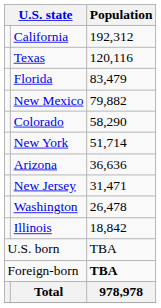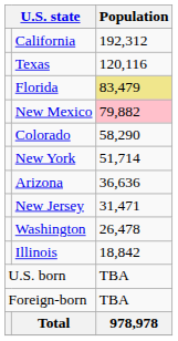 <table class="wikitable sortable" style="text-align:left">
 <tr>
 <th colspan="2"><a href='#'>U.S. state</a></th>
 <th>Population</th>
 </tr>
 <tr>
 <td style="text-align:center;"></td>
 <td><a href='#'>California</a></td>
 <td>192,312</td>
 </tr>
 <tr>
 <td style="text-align:center;"></td>
 <td><a href='#'>Texas</a></td>
 <td>120,116</td>
 </tr>
 <tr>
 <td style="text-align:center;"></td>
 <td><a href='#'>Florida</a></td>
-<td>83,479</td>
+<td style="background: khaki;">83,479</td>
 </tr>
 <tr>
 <td style="text-align:center;"></td>
 <td><a href='#'>New Mexico</a></td>
-<td>79,882</td>
+<td style="background: pink;">79,882</td>
 </tr>
 <tr>
 <td style="text-align:center;"></td>
 <td><a href='#'>Colorado</a></td>
 <td>58,290</td>
 </tr>
 <tr>
 <td style="text-align:center;"></td>
 <td><a href='#'>New York</a></td>
 <td>51,714</td>
 </tr>
 <tr>
 <td style="text-align:center;"></td>
 <td><a href='#'>Arizona</a></td>
 <td>36,636</td>
 </tr>
 <tr>
 <td style="text-align:center;"></td>
 <td><a href='#'>New Jersey</a></td>
 <td>31,471</td>
 </tr>
 <tr>
 <td style="text-align:center;"></td>
 <td><a href='#'>Washington</a></td>
 <td>26,478</td>
 </tr>
 <tr>
 <td style="text-align:center;"></td>
 <td><a href='#'>Illinois</a></td>
 <td>18,842</td>
 </tr>
 <tr>
 <td colspan="2" style="text-align:left;">U.S. born</td>
 <td>TBA</td>
 </tr>
 <tr>
 <td colspan="2" style="text-align:left;">Foreign-born</td>
-<td><strong>TBA</strong></td>
+<td>TBA</td>
 </tr>
 <tr>
 <th></th>
 <th>Total</th>
 <th>978,978</th>
 </tr>
 <tr>
 </tr>
 </table>
